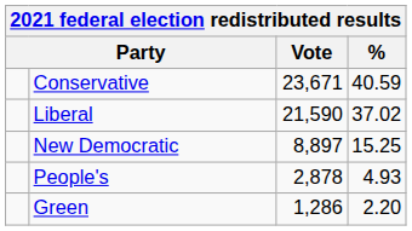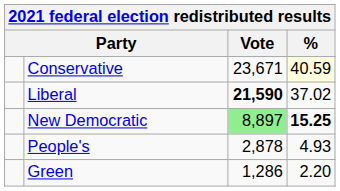 <table class="wikitable">
 <tr>
 <th colspan="4"><a href='#'>2021 federal election</a> redistributed results</th>
 </tr>
 <tr>
 <th bgcolor="#DDDDFF" width="130px" colspan="2">Party</th>
 <th bgcolor="#DDDDFF" width="50px">Vote</th>
 <th bgcolor="#DDDDFF" width="30px">%</th>
 </tr>
 <tr>
 <td> </td>
 <td><a href='#'>Conservative</a></td>
 <td align=right>23,671</td>
-<td align=right>40.59</td>
+<td align=right style="background: lightyellow;">40.59</td>
 </tr>
 <tr>
 <td> </td>
 <td><a href='#'>Liberal</a></td>
-<td align=right>21,590</td>
+<td align=right><strong>21,590</strong></td>
 <td align=right>37.02</td>
 </tr>
 <tr>
 <td> </td>
 <td><a href='#'>New Democratic</a></td>
-<td align=right>8,897</td>
-<td align=right>15.25</td>
+<td align=right style="background: lightgreen;">8,897</td>
+<td align=right><strong>15.25</strong></td>
 </tr>
 <tr>
 <td> </td>
 <td><a href='#'>People's</a></td>
 <td align=right>2,878</td>
 <td align=right>4.93</td>
 </tr>
 <tr>
 <td> </td>
 <td><a href='#'>Green</a></td>
 <td align=right>1,286</td>
 <td align=right>2.20</td>
 </tr>
 </table>
